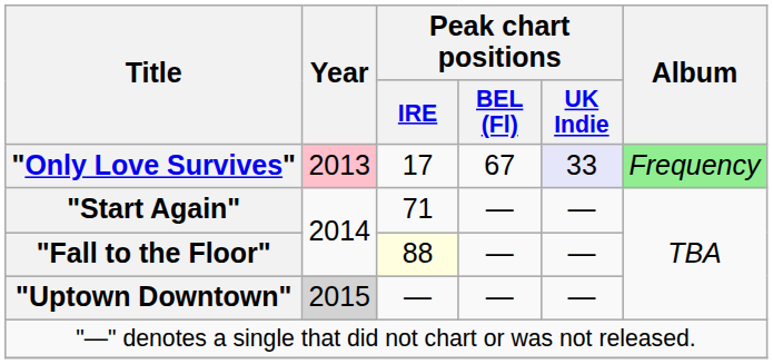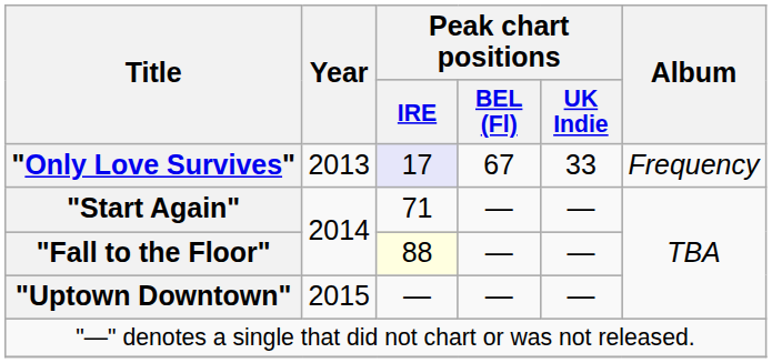 <table class="wikitable plainrowheaders" style="text-align:center;">
 <tr>
 <th scope="col" rowspan="2">Title</th>
 <th scope="col" rowspan="2">Year</th>
 <th scope="col" colspan="3">Peak chart positions</th>
 <th scope="col" rowspan="2">Album</th>
 </tr>
 <tr>
 <th scope="col" style="width:3em;font-size:85%;"><a href='#'>IRE</a><br></th>
 <th scope="col" style="width:3em;font-size:85%;"><a href='#'>BEL <br>(Fl)</a><br></th>
 <th scope="col" style="width:3em;font-size:85%;"><a href='#'>UK Indie</a><br></th>
 </tr>
 <tr>
 <th scope="row">"<a href='#'>Only Love Survives</a>"</th>
-<td style="background: pink;">2013</td>
-<td>17</td>
+<td>2013</td>
+<td style="background: lavender;">17</td>
 <td>67</td>
-<td style="background: lavender;">33</td>
-<td style="background: lightgreen;"><em>Frequency</em></td>
+<td>33</td>
+<td><em>Frequency</em></td>
 </tr>
 <tr>
 <th scope="row">"Start Again"</th>
 <td rowspan="2">2014</td>
 <td>71</td>
 <td>—</td>
 <td>—</td>
 <td rowspan="3"><em>TBA</em></td>
 </tr>
 <tr>
 <th scope="row">"Fall to the Floor"</th>
 <td style="background: lightyellow;">88</td>
 <td>—</td>
 <td>—</td>
 </tr>
 <tr>
 <th scope="row">"Uptown Downtown"</th>
-<td style="background: lightgrey;">2015</td>
+<td>2015</td>
 <td>—</td>
 <td>—</td>
 <td>—</td>
 </tr>
 <tr>
 <td colspan="20" style="font-size:85%">"—" denotes a single that did not chart or was not released.</td>
 </tr>
 <tr>
 </tr>
 </table>
